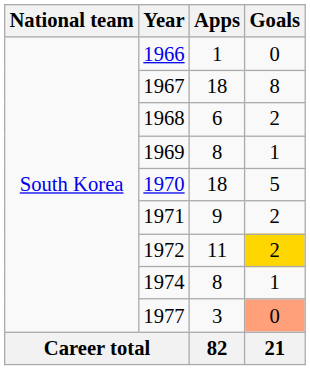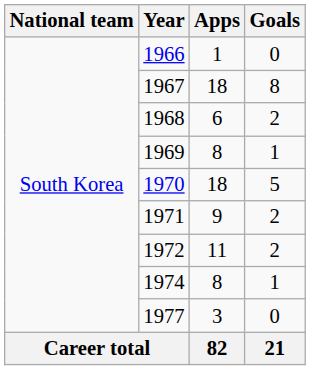 <table class="wikitable" style="text-align:center">
 <tr>
 <th>National team</th>
 <th>Year</th>
 <th>Apps</th>
 <th>Goals</th>
 </tr>
 <tr>
 <td rowspan="9"><a href='#'>South Korea</a></td>
 <td><a href='#'>1966</a></td>
 <td>1</td>
 <td>0</td>
 </tr>
 <tr>
 <td>1967</td>
 <td>18</td>
 <td>8</td>
 </tr>
 <tr>
 <td>1968</td>
 <td>6</td>
 <td>2</td>
 </tr>
 <tr>
 <td>1969</td>
 <td>8</td>
 <td>1</td>
 </tr>
 <tr>
 <td><a href='#'>1970</a></td>
 <td>18</td>
 <td>5</td>
 </tr>
 <tr>
 <td>1971</td>
 <td>9</td>
 <td>2</td>
 </tr>
 <tr>
 <td>1972</td>
 <td>11</td>
-<td style="background: gold;">2</td>
+<td>2</td>
 </tr>
 <tr>
 <td>1974</td>
 <td>8</td>
 <td>1</td>
 </tr>
 <tr>
 <td>1977</td>
 <td>3</td>
-<td style="background: lightsalmon;">0</td>
+<td>0</td>
 </tr>
 <tr>
 <th colspan="2">Career total</th>
 <th>82</th>
 <th>21</th>
 </tr>
 </table>
